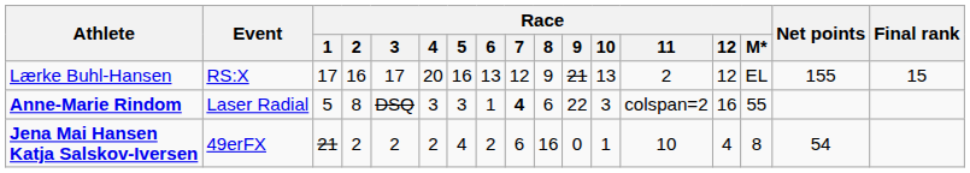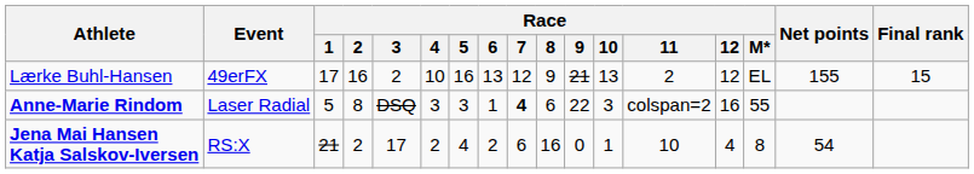 <table class="wikitable" style="font-size:90%">
 <tr>
 <th rowspan="2">Athlete</th>
 <th rowspan="2">Event</th>
 <th colspan=13>Race</th>
 <th rowspan=2>Net points</th>
 <th rowspan=2>Final rank</th>
 </tr>
 <tr style="font-size:95%">
 <th>1</th>
 <th>2</th>
 <th>3</th>
 <th>4</th>
 <th>5</th>
 <th>6</th>
 <th>7</th>
 <th>8</th>
 <th>9</th>
 <th>10</th>
 <th>11</th>
 <th>12</th>
 <th>M*</th>
 </tr>
 <tr align=center>
 <td align=left><a href='#'>Lærke Buhl-Hansen</a></td>
-<td align=left><a href='#'>RS:X</a></td>
+<td align=left><a href='#'>49erFX</a></td>
 <td>17</td>
 <td>16</td>
-<td>17</td>
-<td>20</td>
+<td>2</td>
+<td>10</td>
 <td>16</td>
 <td>13</td>
 <td>12</td>
 <td>9</td>
 <td><s>21</s></td>
 <td>13</td>
 <td>2</td>
 <td>12</td>
 <td>EL</td>
 <td>155</td>
 <td>15</td>
 </tr>
 <tr align=center>
 <td align=left><strong><a href='#'>Anne-Marie Rindom</a></strong></td>
 <td align=left><a href='#'>Laser Radial</a></td>
 <td>5</td>
 <td>8</td>
 <td><s>DSQ</s></td>
 <td>3</td>
 <td>3</td>
 <td>1</td>
 <td><strong>4</strong></td>
 <td>6</td>
 <td>22</td>
 <td>3</td>
 <td>colspan=2 </td>
 <td>16</td>
 <td>55</td>
 <td></td>
 </tr>
 <tr align=center>
 <td align=left><strong><a href='#'>Jena Mai Hansen</a><br><a href='#'>Katja Salskov-Iversen</a></strong></td>
-<td align=left><a href='#'>49erFX</a></td>
+<td align=left><a href='#'>RS:X</a></td>
 <td><s>21</s></td>
 <td>2</td>
-<td>2</td>
+<td>17</td>
 <td>2</td>
 <td>4</td>
 <td>2</td>
 <td>6</td>
 <td>16</td>
 <td>0</td>
 <td>1</td>
 <td>10</td>
 <td>4</td>
 <td>8</td>
 <td>54</td>
 <td></td>
 </tr>
 </table>
